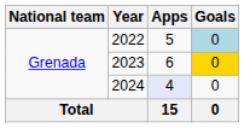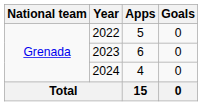 <table class="wikitable" style="text-align: center;">
 <tr>
 <th>National team</th>
 <th>Year</th>
 <th>Apps</th>
 <th>Goals</th>
 </tr>
 <tr>
 <td rowspan="3"><a href='#'>Grenada</a></td>
 <td>2022</td>
 <td>5</td>
-<td style="background: lightblue;">0</td>
+<td>0</td>
 </tr>
 <tr>
 <td>2023</td>
 <td>6</td>
-<td style="background: gold;">0</td>
+<td>0</td>
 </tr>
 <tr>
 <td>2024</td>
-<td style="background: lavender;">4</td>
+<td>4</td>
 <td>0</td>
 </tr>
 <tr>
 <th colspan="2">Total</th>
 <th>15</th>
 <th>0</th>
 </tr>
 </table>
